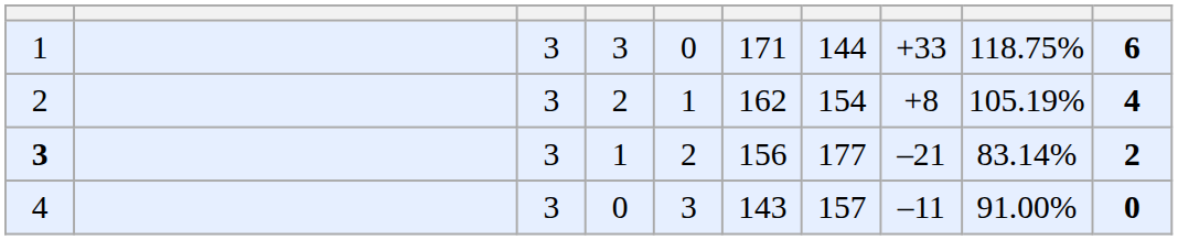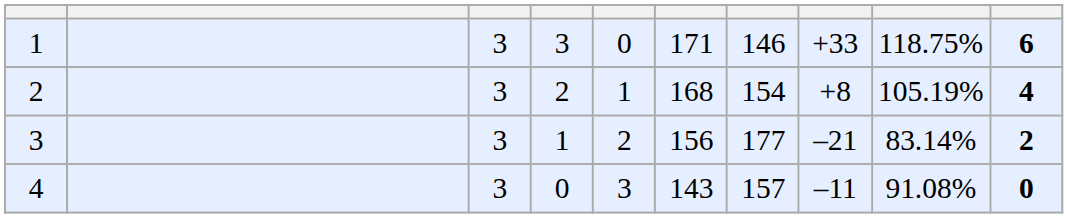 <table class="wikitable" style="text-align:center; font-size:95%">
 <tr>
 <th width="25"></th>
 <th width="200"></th>
 <th width="25"></th>
 <th width="25"></th>
 <th width="25"></th>
 <th width="30"></th>
 <th width="30"></th>
 <th width="30"></th>
 <th width="30"></th>
 <th width="30"></th>
 </tr>
 <tr style="background:#e6efff">
 <td>1</td>
 <td style="text-align:left"></td>
 <td>3</td>
 <td>3</td>
 <td>0</td>
 <td>171</td>
-<td>144</td>
+<td>146</td>
 <td>+33</td>
 <td>118.75%</td>
 <td><strong>6</strong></td>
 </tr>
 <tr style="background:#e6efff">
 <td>2</td>
 <td style="text-align:left"></td>
 <td>3</td>
 <td>2</td>
 <td>1</td>
-<td>162</td>
+<td>168</td>
 <td>154</td>
 <td>+8</td>
 <td>105.19%</td>
 <td><strong>4</strong></td>
 </tr>
 <tr style="background:#e6efff">
-<td><strong>3</strong></td>
+<td>3</td>
 <td style="text-align:left"></td>
 <td>3</td>
 <td>1</td>
 <td>2</td>
 <td>156</td>
 <td>177</td>
 <td>–21</td>
 <td>83.14%</td>
 <td><strong>2</strong></td>
 </tr>
 <tr style="background:#e6efff">
 <td>4</td>
 <td style="text-align:left"></td>
 <td>3</td>
 <td>0</td>
 <td>3</td>
 <td>143</td>
 <td>157</td>
 <td>–11</td>
-<td>91.00%</td>
+<td>91.08%</td>
 <td><strong>0</strong></td>
 </tr>
 </table>
